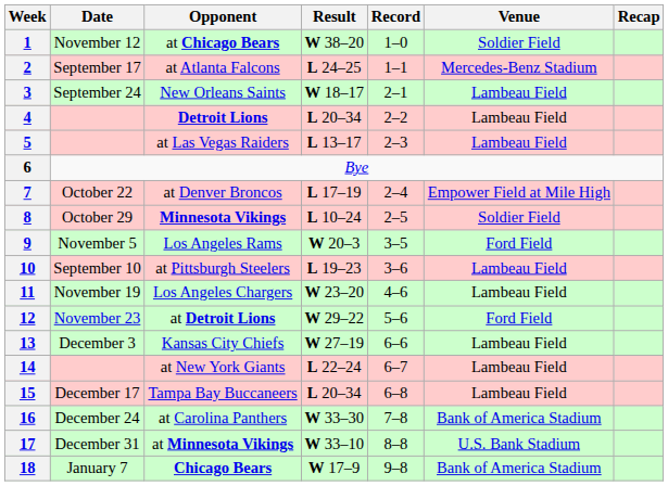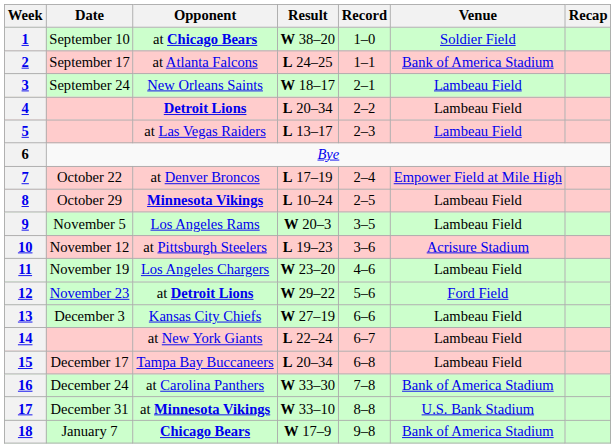 <table class="wikitable" style="text-align:center">
 <tr>
 <th>Week</th>
 <th>Date</th>
 <th>Opponent</th>
 <th>Result</th>
 <th>Record</th>
 <th>Venue</th>
 <th>Recap</th>
 </tr>
 <tr style="background:#cfc">
 <th><a href='#'>1</a></th>
-<td>November 12</td>
+<td>September 10</td>
 <td>at <strong><a href='#'>Chicago Bears</a></strong></td>
 <td><strong>W</strong> 38–20</td>
 <td>1–0</td>
 <td><a href='#'>Soldier Field</a></td>
 <td></td>
 </tr>
 <tr style="background:#fcc">
 <th><a href='#'>2</a></th>
 <td>September 17</td>
 <td>at <a href='#'>Atlanta Falcons</a></td>
 <td><strong>L</strong> 24–25</td>
 <td>1–1</td>
-<td><a href='#'>Mercedes-Benz Stadium</a></td>
+<td><a href='#'>Bank of America Stadium</a></td>
 <td></td>
 </tr>
 <tr style="background:#cfc">
 <th><a href='#'>3</a></th>
 <td>September 24</td>
 <td><a href='#'>New Orleans Saints</a></td>
 <td><strong>W</strong> 18–17</td>
 <td>2–1</td>
 <td><a href='#'>Lambeau Field</a></td>
 <td></td>
 </tr>
 <tr style="background:#fcc;">
 <th><a href='#'>4</a></th>
 <td></td>
 <td><strong><a href='#'>Detroit Lions</a></strong></td>
 <td><strong>L</strong> 20–34</td>
 <td>2–2</td>
 <td>Lambeau Field</td>
 <td></td>
 </tr>
 <tr style="background:#fcc">
 <th><a href='#'>5</a></th>
 <td></td>
 <td>at <a href='#'>Las Vegas Raiders</a></td>
 <td><strong>L</strong> 13–17</td>
 <td>2–3</td>
 <td><a href='#'>Lambeau Field</a></td>
 <td></td>
 </tr>
 <tr>
 <th>6</th>
 <td colspan="6"><em><a href='#'>Bye</a></em></td>
 </tr>
 <tr style="background:#fcc">
 <th><a href='#'>7</a></th>
 <td>October 22</td>
 <td>at <a href='#'>Denver Broncos</a></td>
 <td><strong>L</strong> 17–19</td>
 <td>2–4</td>
 <td><a href='#'>Empower Field at Mile High</a></td>
 <td></td>
 </tr>
 <tr style="background:#fcc">
 <th><a href='#'>8</a></th>
 <td>October 29</td>
 <td><strong><a href='#'>Minnesota Vikings</a></strong></td>
 <td><strong>L</strong> 10–24</td>
 <td>2–5</td>
-<td><a href='#'>Soldier Field</a></td>
+<td>Lambeau Field</td>
 <td></td>
 </tr>
 <tr style="background:#cfc">
 <th><a href='#'>9</a></th>
 <td>November 5</td>
 <td><a href='#'>Los Angeles Rams</a></td>
 <td><strong>W</strong> 20–3</td>
 <td>3–5</td>
-<td><a href='#'>Ford Field</a></td>
+<td>Lambeau Field</td>
 <td></td>
 </tr>
 <tr style="background:#fcc">
 <th><a href='#'>10</a></th>
-<td>September 10</td>
+<td>November 12</td>
 <td>at <a href='#'>Pittsburgh Steelers</a></td>
 <td><strong>L</strong> 19–23</td>
 <td>3–6</td>
-<td><a href='#'>Lambeau Field</a></td>
+<td><a href='#'>Acrisure Stadium</a></td>
 <td></td>
 </tr>
 <tr style="background:#cfc">
 <th><a href='#'>11</a></th>
 <td>November 19</td>
 <td><a href='#'>Los Angeles Chargers</a></td>
 <td><strong>W</strong> 23–20</td>
 <td>4–6</td>
 <td>Lambeau Field</td>
 <td></td>
 </tr>
 <tr style="background:#cfc">
 <th><a href='#'>12</a></th>
 <td><a href='#'>November 23</a></td>
 <td>at <strong><a href='#'>Detroit Lions</a></strong></td>
 <td><strong>W</strong> 29–22</td>
 <td>5–6</td>
 <td><a href='#'>Ford Field</a></td>
 <td></td>
 </tr>
 <tr style="background:#cfc">
 <th><a href='#'>13</a></th>
 <td>December 3</td>
 <td><a href='#'>Kansas City Chiefs</a></td>
 <td><strong>W</strong> 27–19</td>
 <td>6–6</td>
 <td>Lambeau Field</td>
 <td></td>
 </tr>
 <tr style="background:#fcc">
 <th><a href='#'>14</a></th>
 <td></td>
 <td>at <a href='#'>New York Giants</a></td>
 <td><strong>L</strong> 22–24</td>
 <td>6–7</td>
 <td>Lambeau Field</td>
 <td></td>
 </tr>
 <tr style="background:#fcc">
 <th><a href='#'>15</a></th>
 <td>December 17</td>
 <td><a href='#'>Tampa Bay Buccaneers</a></td>
 <td><strong>L</strong> 20–34</td>
 <td>6–8</td>
 <td>Lambeau Field</td>
 <td></td>
 </tr>
 <tr style="background:#cfc">
 <th><a href='#'>16</a></th>
 <td>December 24</td>
 <td>at <a href='#'>Carolina Panthers</a></td>
 <td><strong>W</strong> 33–30</td>
 <td>7–8</td>
 <td><a href='#'>Bank of America Stadium</a></td>
 <td></td>
 </tr>
 <tr style="background:#cfc">
 <th><a href='#'>17</a></th>
 <td>December 31</td>
 <td>at <strong><a href='#'>Minnesota Vikings</a></strong></td>
 <td><strong>W</strong> 33–10</td>
 <td>8–8</td>
 <td><a href='#'>U.S. Bank Stadium</a></td>
 <td></td>
 </tr>
 <tr style="background:#cfc">
 <th><a href='#'>18</a></th>
 <td>January 7</td>
 <td><strong><a href='#'>Chicago Bears</a></strong></td>
 <td><strong>W</strong> 17–9</td>
 <td>9–8</td>
 <td><a href='#'>Bank of America Stadium</a></td>
 <td></td>
 </tr>
 </table>
